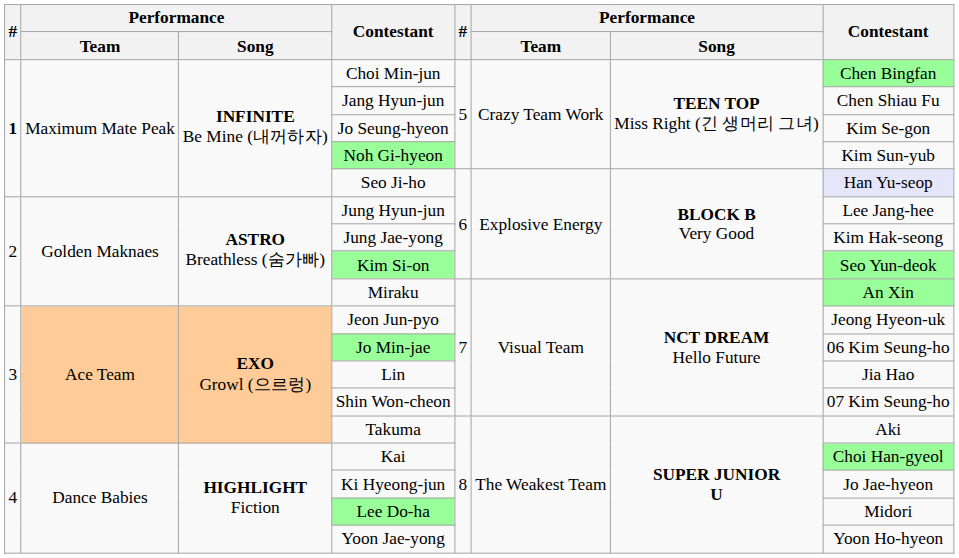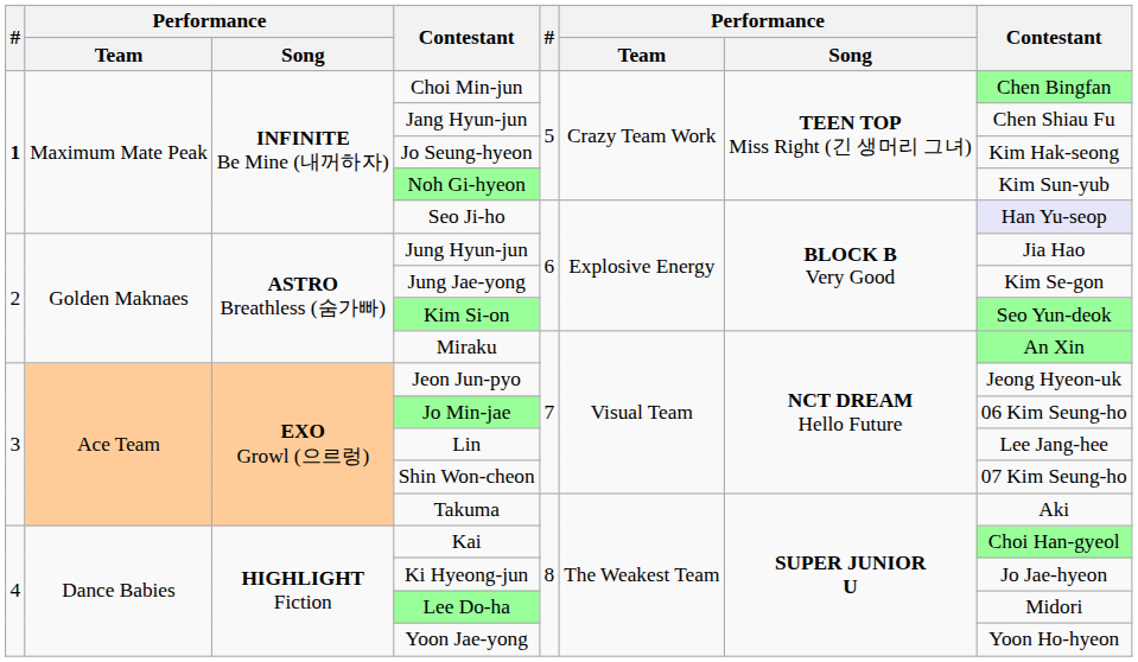 <table class="wikitable collapsible" style="text-align:center; font-size:100%;">
 <tr>
 <th rowspan="2"><strong>#</strong></th>
 <th colspan="2">Performance</th>
 <th rowspan="2">Contestant</th>
 <th rowspan="2"><strong>#</strong></th>
 <th colspan="2">Performance</th>
 <th rowspan="2">Contestant</th>
 </tr>
 <tr>
 <th>Team</th>
 <th>Song</th>
 <th>Team</th>
 <th>Song</th>
 </tr>
 <tr>
 <td rowspan="5"><strong>1</strong></td>
 <td rowspan="5">Maximum Mate Peak</td>
 <td rowspan="5"><strong>INFINITE</strong><br>Be Mine (내꺼하자)</td>
 <td>Choi Min-jun</td>
 <td rowspan="4">5</td>
 <td rowspan="4">Crazy Team Work</td>
 <td rowspan="4"><strong>TEEN TOP</strong><br>Miss Right (긴 생머리 그녀)</td>
 <td style="background:#99FF99">Chen Bingfan</td>
 </tr>
 <tr>
 <td>Jang Hyun-jun</td>
 <td>Chen Shiau Fu</td>
 </tr>
 <tr>
 <td>Jo Seung-hyeon</td>
-<td>Kim Se-gon</td>
+<td>Kim Hak-seong</td>
 </tr>
 <tr>
 <td style="background:#99FF99">Noh Gi-hyeon</td>
 <td>Kim Sun-yub</td>
 </tr>
 <tr>
 <td>Seo Ji-ho</td>
 <td rowspan="4">6</td>
 <td rowspan="4">Explosive Energy</td>
 <td rowspan="4"><strong>BLOCK B</strong><br>Very Good</td>
 <td style="background: lavender;">Han Yu-seop</td>
 </tr>
 <tr>
 <td rowspan="4">2</td>
 <td rowspan="4">Golden Maknaes</td>
 <td rowspan="4"><strong>ASTRO</strong><br>Breathless (숨가빠)</td>
 <td>Jung Hyun-jun</td>
-<td>Lee Jang-hee</td>
+<td>Jia Hao</td>
 </tr>
 <tr>
 <td>Jung Jae-yong</td>
-<td>Kim Hak-seong</td>
+<td>Kim Se-gon</td>
 </tr>
 <tr>
 <td style="background:#99FF99">Kim Si-on</td>
 <td style="background:#99FF99">Seo Yun-deok</td>
 </tr>
 <tr>
 <td>Miraku</td>
 <td rowspan="5">7</td>
 <td rowspan="5">Visual Team</td>
 <td rowspan="5"><strong>NCT DREAM</strong><br>Hello Future</td>
 <td style="background:#99FF99">An Xin</td>
 </tr>
 <tr>
 <td rowspan="5">3</td>
 <td rowspan="5" style="background:#FFCC99">Ace Team</td>
 <td rowspan="5" style="background:#FFCC99"><strong>EXO</strong><br>Growl (으르렁)</td>
 <td>Jeon Jun-pyo</td>
 <td>Jeong Hyeon-uk</td>
 </tr>
 <tr>
 <td style="background:#99FF99">Jo Min-jae</td>
 <td>06 Kim Seung-ho</td>
 </tr>
 <tr>
 <td>Lin</td>
-<td>Jia Hao</td>
+<td>Lee Jang-hee</td>
 </tr>
 <tr>
 <td>Shin Won-cheon</td>
 <td>07 Kim Seung-ho</td>
 </tr>
 <tr>
 <td>Takuma</td>
 <td rowspan="5">8</td>
 <td rowspan="5">The Weakest Team</td>
 <td rowspan="5"><strong>SUPER JUNIOR</strong><br><strong>U</strong></td>
 <td>Aki</td>
 </tr>
 <tr>
 <td rowspan="4">4</td>
 <td rowspan="4">Dance Babies</td>
 <td rowspan="4"><strong>HIGHLIGHT</strong><br>Fiction</td>
 <td>Kai</td>
 <td style="background:#99FF99">Choi Han-gyeol</td>
 </tr>
 <tr>
 <td>Ki Hyeong-jun</td>
 <td>Jo Jae-hyeon</td>
 </tr>
 <tr>
 <td style="background:#99FF99">Lee Do-ha</td>
 <td>Midori</td>
 </tr>
 <tr>
 <td>Yoon Jae-yong</td>
 <td>Yoon Ho-hyeon</td>
 </tr>
 </table>
